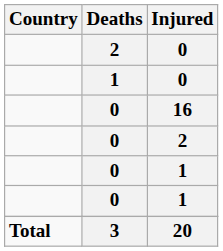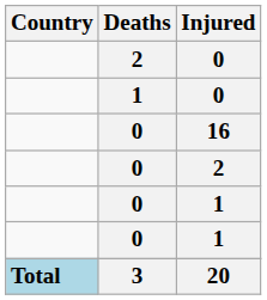 <table class="wikitable centre sortable">
 <tr>
 <th>Country</th>
 <th>Deaths</th>
 <th>Injured</th>
 </tr>
 <tr>
 <td></td>
 <th>2</th>
 <th>0</th>
 </tr>
 <tr>
 <td></td>
 <th>1</th>
 <th>0</th>
 </tr>
 <tr>
 <td></td>
 <th>0</th>
 <th>16</th>
 </tr>
 <tr>
 <td></td>
 <th>0</th>
 <th>2</th>
 </tr>
 <tr>
 <td></td>
 <th>0</th>
 <th>1</th>
 </tr>
 <tr>
 <td></td>
 <th>0</th>
 <th>1</th>
 </tr>
 <tr>
 </tr>
 <tr class="sortbottom">
-<td><strong>Total</strong></td>
+<td style="background: lightblue;"><strong>Total</strong></td>
 <th>3</th>
 <th>20</th>
 </tr>
 </table>
